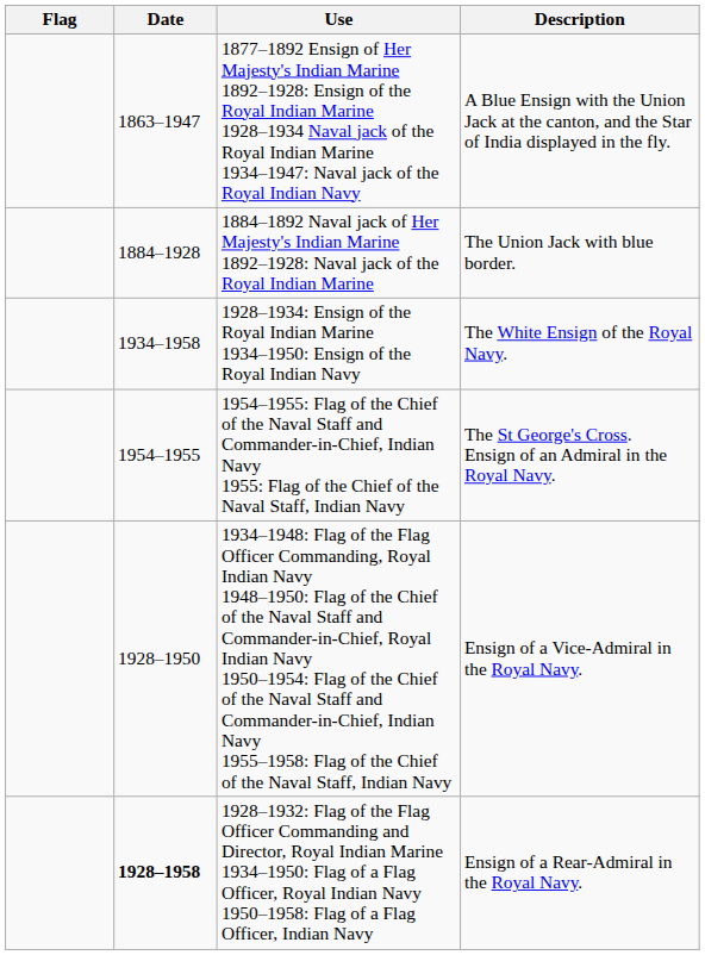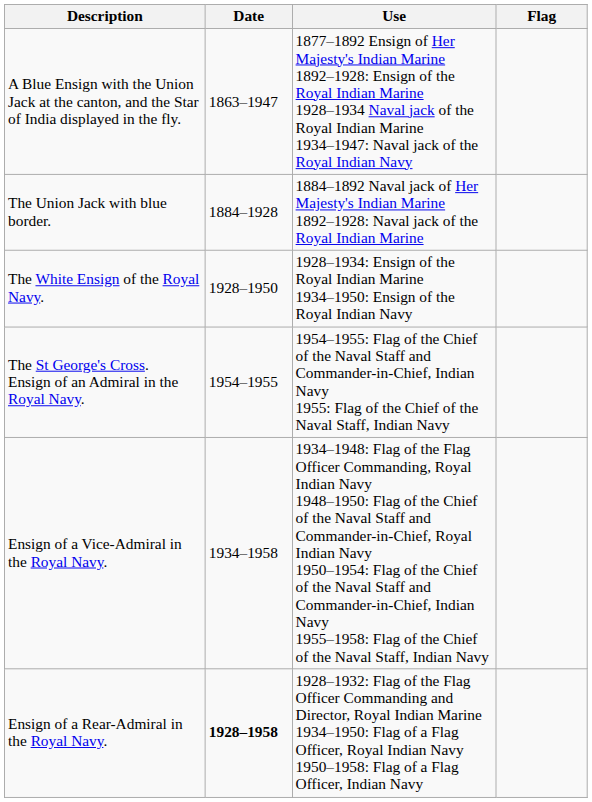 <table class="wikitable">
 <tr>
-<th style="width:110px;">Flag</th>
+<th style="width:250px;">Description</th>
 <th style="width:100px;">Date</th>
 <th style="width:250px;">Use</th>
-<th style="width:250px;">Description</th>
+<th style="width:110px;">Flag</th>
 </tr>
 <tr>
-<td></td>
+<td>A Blue Ensign with the Union Jack at the canton, and the Star of India displayed in the fly.</td>
 <td>1863–1947</td>
 <td>1877–1892 Ensign of <a href='#'>Her Majesty's Indian Marine</a><br> 1892–1928: Ensign of the <a href='#'>Royal Indian Marine</a><br>1928–1934 <a href='#'>Naval jack</a> of the Royal Indian Marine<br> 1934–1947: Naval jack of the <a href='#'>Royal Indian Navy</a></td>
-<td>A Blue Ensign with the Union Jack at the canton, and the Star of India displayed in the fly.</td>
+<td></td>
 </tr>
 <tr>
-<td></td>
+<td>The Union Jack with blue border.</td>
 <td>1884–1928</td>
 <td>1884–1892 Naval jack of <a href='#'>Her Majesty's Indian Marine</a><br> 1892–1928: Naval jack of the <a href='#'>Royal Indian Marine</a></td>
-<td>The Union Jack with blue border.</td>
+<td></td>
 </tr>
 <tr>
+<td>The <a href='#'>White Ensign</a> of the <a href='#'>Royal Navy</a>.</td>
+<td>1928–1950</td>
+<td>1928–1934: Ensign of the Royal Indian Marine<br> 1934–1950: Ensign of the Royal Indian Navy</td>
 <td></td>
-<td>1934–1958</td>
-<td>1928–1934: Ensign of the Royal Indian Marine<br> 1934–1950: Ensign of the Royal Indian Navy</td>
-<td>The <a href='#'>White Ensign</a> of the <a href='#'>Royal Navy</a>.</td>
 </tr>
 <tr>
-<td></td>
+<td>The <a href='#'>St George's Cross</a>.<br>Ensign of an Admiral in the <a href='#'>Royal Navy</a>.</td>
 <td>1954–1955</td>
 <td>1954–1955: Flag of the Chief of the Naval Staff and Commander-in-Chief, Indian Navy <br> 1955: Flag of the Chief of the Naval Staff, Indian Navy</td>
-<td>The <a href='#'>St George's Cross</a>.<br>Ensign of an Admiral in the <a href='#'>Royal Navy</a>.</td>
+<td></td>
 </tr>
 <tr>
+<td>Ensign of a Vice-Admiral in the <a href='#'>Royal Navy</a>.</td>
+<td>1934–1958</td>
+<td>1934–1948: Flag of the Flag Officer Commanding, Royal Indian Navy<br> 1948–1950: Flag of the Chief of the Naval Staff and Commander-in-Chief, Royal Indian Navy<br> 1950–1954: Flag of the Chief of the Naval Staff and Commander-in-Chief, Indian Navy <br> 1955–1958: Flag of the Chief of the Naval Staff, Indian Navy</td>
 <td></td>
-<td>1928–1950</td>
-<td>1934–1948: Flag of the Flag Officer Commanding, Royal Indian Navy<br> 1948–1950: Flag of the Chief of the Naval Staff and Commander-in-Chief, Royal Indian Navy<br> 1950–1954: Flag of the Chief of the Naval Staff and Commander-in-Chief, Indian Navy <br> 1955–1958: Flag of the Chief of the Naval Staff, Indian Navy</td>
-<td>Ensign of a Vice-Admiral in the <a href='#'>Royal Navy</a>.</td>
 </tr>
 <tr>
-<td></td>
+<td>Ensign of a Rear-Admiral in the <a href='#'>Royal Navy</a>.</td>
 <td><strong>1928–1958</strong></td>
 <td>1928–1932: Flag of the Flag Officer Commanding and Director, Royal Indian Marine<br> 1934–1950: Flag of a Flag Officer, Royal Indian Navy<br> 1950–1958: Flag of a Flag Officer, Indian Navy</td>
-<td>Ensign of a Rear-Admiral in the <a href='#'>Royal Navy</a>.</td>
+<td></td>
 </tr>
 </table>
